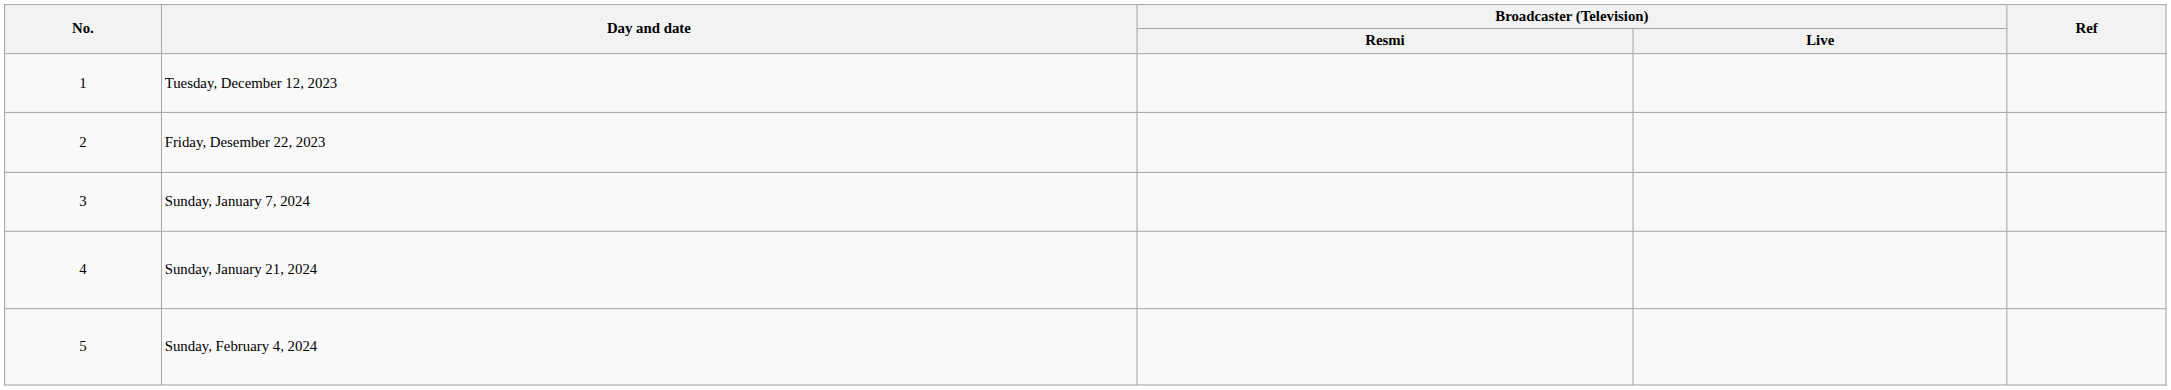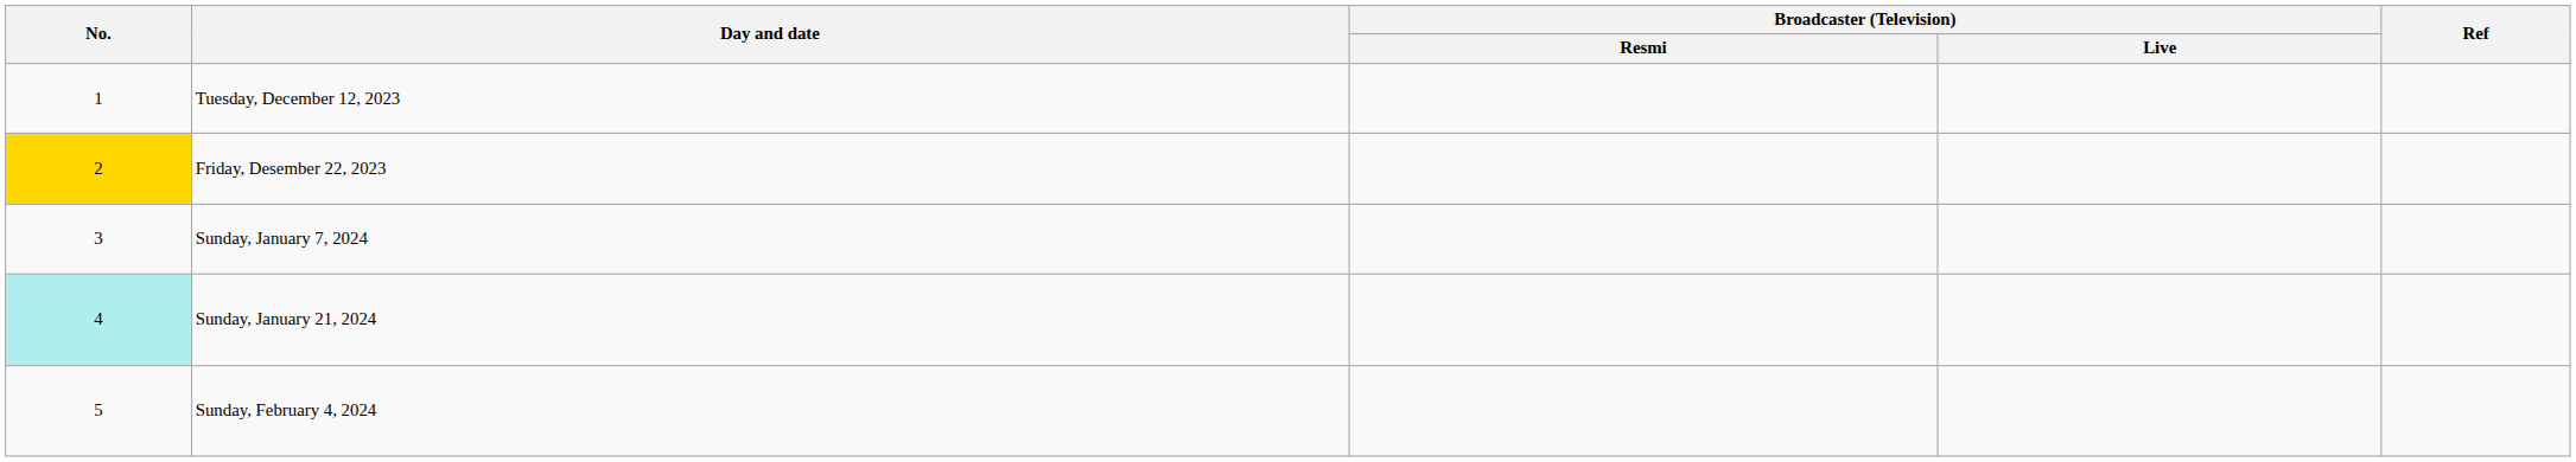 <table class="wikitable" style="font-size:85%; width:100%;">
 <tr>
 <th rowspan="2">No.</th>
 <th rowspan="2">Day and date</th>
 <th colspan="2">Broadcaster (Television)</th>
 <th rowspan="2">Ref</th>
 </tr>
 <tr>
 <th>Resmi</th>
 <th>Live</th>
 </tr>
 <tr>
 <td style="text-align: center;">1</td>
 <td>Tuesday, December 12, 2023</td>
 <td></td>
 <td></td>
 <td><br><br><br></td>
 </tr>
 <tr>
-<td style="text-align: center;">2</td>
+<td style="background: gold; text-align: center;">2</td>
 <td>Friday, Desember 22, 2023</td>
 <td></td>
 <td></td>
 <td><br><br><br></td>
 </tr>
 <tr>
 <td style="text-align: center;">3</td>
 <td>Sunday, January 7, 2024</td>
 <td></td>
 <td></td>
 <td><br><br><br></td>
 </tr>
 <tr>
-<td style="text-align: center;">4</td>
+<td style="background: paleturquoise; text-align: center;">4</td>
 <td>Sunday, January 21, 2024</td>
 <td></td>
 <td></td>
 <td><br><br><br><br></td>
 </tr>
 <tr>
 <td style="text-align: center;">5</td>
 <td>Sunday, February 4, 2024</td>
 <td></td>
 <td></td>
 <td><br><br><br><br></td>
 </tr>
 </table>
